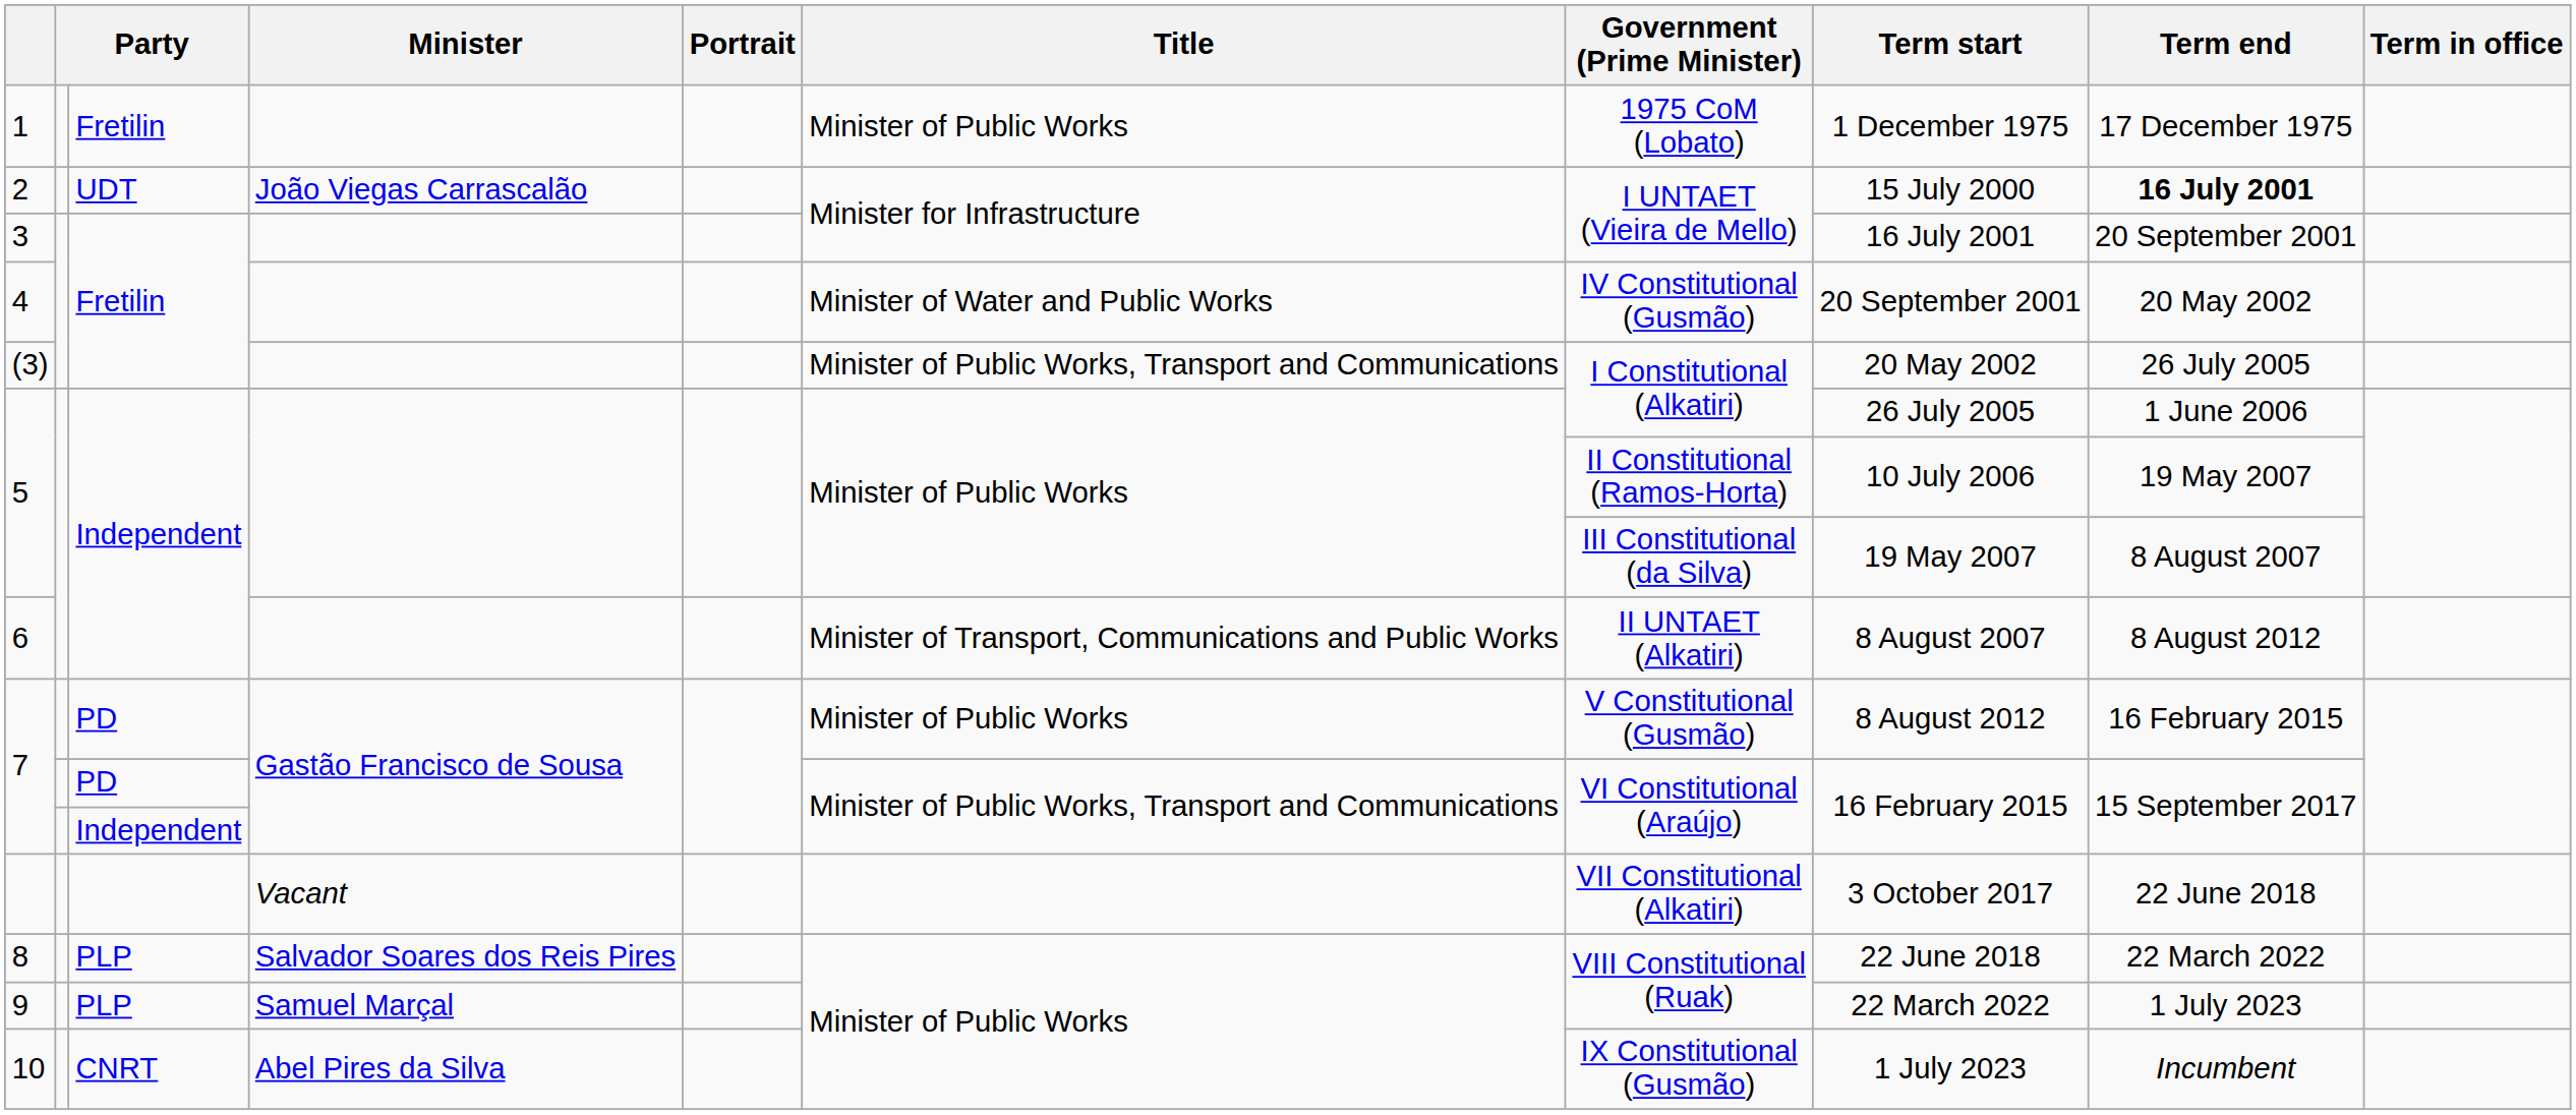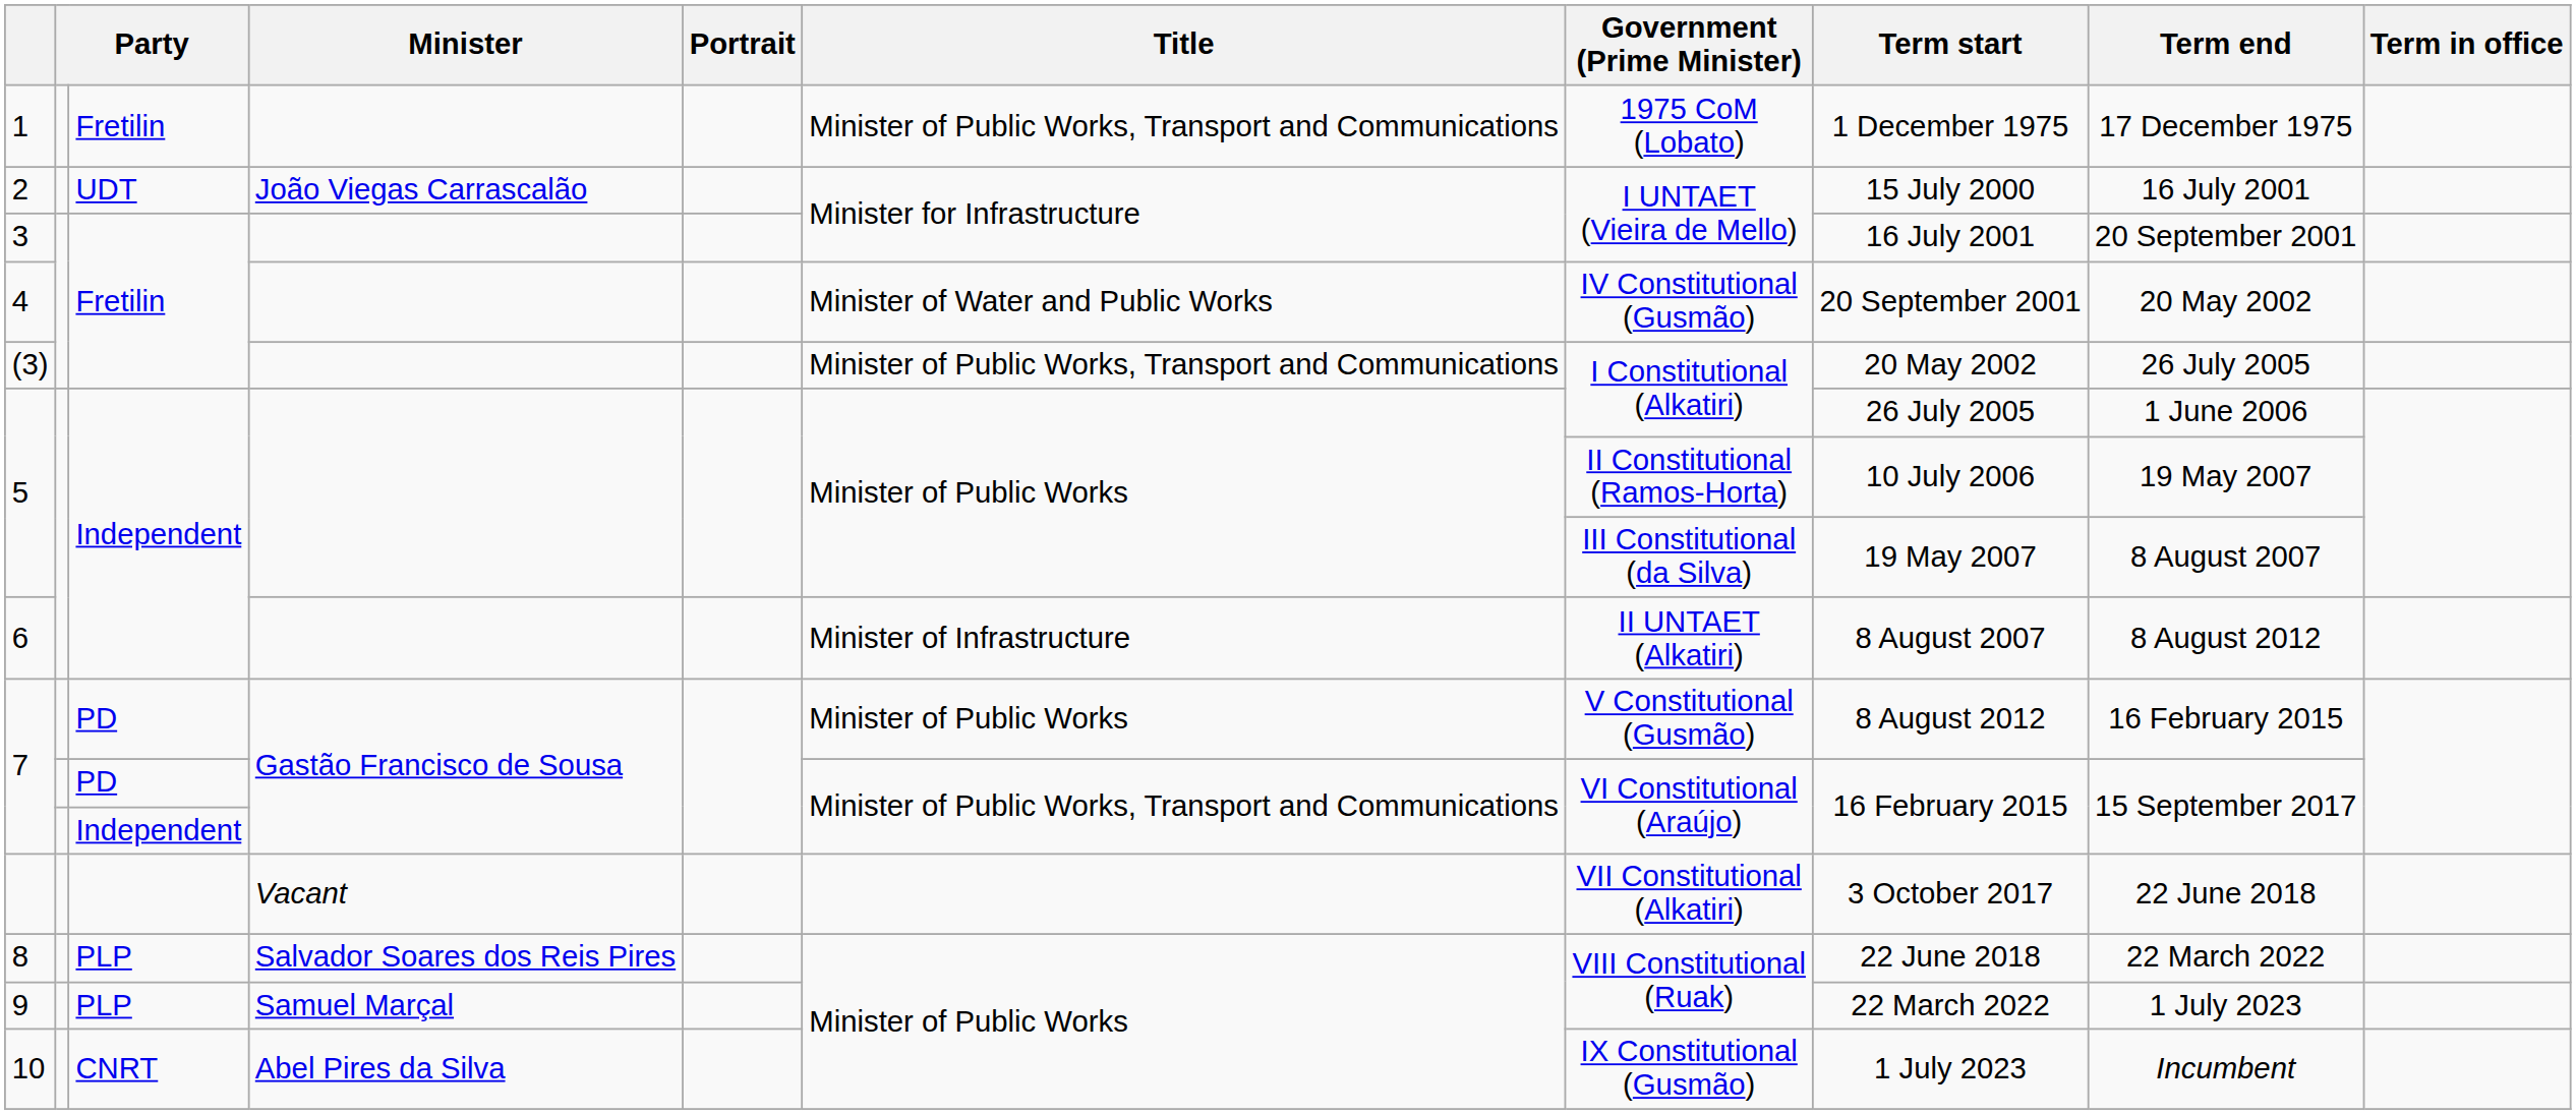 <table class="wikitable sortable">
 <tr>
 <th></th>
 <th colspan="2">Party</th>
 <th>Minister</th>
 <th>Portrait</th>
 <th>Title</th>
 <th>Government<br>(Prime Minister)</th>
 <th>Term start</th>
 <th>Term end</th>
 <th>Term in office</th>
 </tr>
 <tr>
 <td>1</td>
 <td style="background:"></td>
 <td><a href='#'>Fretilin</a></td>
 <td></td>
 <td></td>
-<td>Minister of Public Works</td>
+<td>Minister of Public Works, Transport and Communications</td>
 <td align=center><a href='#'>1975 CoM</a><br>(<a href='#'>Lobato</a>)</td>
 <td align=center>1 December 1975</td>
 <td align=center>17 December 1975</td>
 <td align=right></td>
 </tr>
 <tr>
 <td>2</td>
 <td style="background:"></td>
 <td><a href='#'>UDT</a></td>
 <td><a href='#'>João Viegas Carrascalão</a></td>
 <td></td>
 <td rowspan=2>Minister for Infrastructure</td>
 <td rowspan=2 align=center><a href='#'>I UNTAET</a><br>(<a href='#'>Vieira de Mello</a>)</td>
 <td align=center>15 July 2000</td>
-<td align=center><strong>16 July 2001</strong></td>
+<td align=center>16 July 2001</td>
 <td align=right></td>
 </tr>
 <tr>
 <td>3</td>
 <td rowspan=3 style="background:"></td>
 <td rowspan=3><a href='#'>Fretilin</a></td>
 <td></td>
 <td></td>
 <td align=center>16 July 2001</td>
 <td align=center>20 September 2001</td>
 <td align=right></td>
 </tr>
 <tr>
 <td>4</td>
 <td></td>
 <td></td>
 <td>Minister of Water and Public Works</td>
 <td align=center><a href='#'>IV Constitutional</a><br>(<a href='#'>Gusmão</a>)</td>
 <td align=center>20 September 2001</td>
 <td align=center>20 May 2002</td>
 <td align=right></td>
 </tr>
 <tr>
 <td>(3)</td>
 <td></td>
 <td></td>
 <td>Minister of Public Works, Transport and Communications</td>
 <td rowspan=2 align=center><a href='#'>I Constitutional</a><br>(<a href='#'>Alkatiri</a>)</td>
 <td align=center>20 May 2002</td>
 <td align=center>26 July 2005</td>
 <td align=right></td>
 </tr>
 <tr>
 <td rowspan=3>5</td>
 <td rowspan=4 style="background:"></td>
 <td rowspan=4><a href='#'>Independent</a></td>
 <td rowspan=3></td>
 <td rowspan=3></td>
 <td rowspan=3>Minister of Public Works</td>
 <td align=center>26 July 2005</td>
 <td align=center>1 June 2006</td>
 <td rowspan=3 align=right></td>
 </tr>
 <tr>
 <td align=center><a href='#'>II Constitutional</a><br>(<a href='#'>Ramos-Horta</a>)</td>
 <td align=center>10 July 2006</td>
 <td align=center>19 May 2007</td>
 </tr>
 <tr>
 <td align=center><a href='#'>III Constitutional</a><br>(<a href='#'>da Silva</a>)</td>
 <td align=center>19 May 2007</td>
 <td align=center>8 August 2007</td>
 </tr>
 <tr>
 <td>6</td>
 <td></td>
 <td></td>
-<td>Minister of Transport, Communications and Public Works</td>
+<td>Minister of Infrastructure</td>
 <td align=center><a href='#'>II UNTAET</a><br>(<a href='#'>Alkatiri</a>)</td>
 <td align=center>8 August 2007</td>
 <td align=center>8 August 2012</td>
 <td align=right></td>
 </tr>
 <tr>
 <td rowspan=3>7</td>
 <td style="background:"></td>
 <td><a href='#'>PD</a></td>
 <td rowspan=3><a href='#'>Gastão Francisco de Sousa</a></td>
 <td rowspan=3></td>
 <td>Minister of Public Works</td>
 <td align=center><a href='#'>V Constitutional</a><br>(<a href='#'>Gusmão</a>)</td>
 <td align=center>8 August 2012</td>
 <td align=center>16 February 2015</td>
 <td rowspan=3 align=right></td>
 </tr>
 <tr>
 <td style="background:"></td>
 <td><a href='#'>PD</a> </td>
 <td rowspan=2>Minister of Public Works, Transport and Communications</td>
 <td rowspan=2 align=center><a href='#'>VI Constitutional</a><br>(<a href='#'>Araújo</a>)</td>
 <td rowspan=2 align=center>16 February 2015</td>
 <td rowspan=2 align=center>15 September 2017</td>
 </tr>
 <tr>
 <td style="background:"></td>
 <td><a href='#'>Independent</a></td>
 </tr>
 <tr>
 <td></td>
 <td></td>
 <td></td>
 <td><em>Vacant</em></td>
 <td></td>
 <td></td>
 <td align=center><a href='#'>VII Constitutional</a><br>(<a href='#'>Alkatiri</a>)</td>
 <td align=center>3 October 2017</td>
 <td align=center>22 June 2018</td>
 <td align=right></td>
 </tr>
 <tr>
 <td>8</td>
 <td style="background:"></td>
 <td><a href='#'>PLP</a></td>
 <td><a href='#'>Salvador Soares dos Reis Pires</a></td>
 <td></td>
 <td rowspan=3>Minister of Public Works</td>
 <td rowspan=2 align=center><a href='#'>VIII Constitutional</a><br>(<a href='#'>Ruak</a>)</td>
 <td align=center>22 June 2018</td>
 <td align=center>22 March 2022</td>
 <td align=right></td>
 </tr>
 <tr>
 <td>9</td>
 <td style="background:"></td>
 <td><a href='#'>PLP</a></td>
 <td><a href='#'>Samuel Marçal</a></td>
 <td></td>
 <td align=center>22 March 2022</td>
 <td align=center>1 July 2023</td>
 <td align=right></td>
 </tr>
 <tr>
 <td>10</td>
 <td style="background:"></td>
 <td><a href='#'>CNRT</a></td>
 <td><a href='#'>Abel Pires da Silva</a></td>
 <td></td>
 <td align=center><a href='#'>IX Constitutional</a><br>(<a href='#'>Gusmão</a>)</td>
 <td align=center>1 July 2023</td>
 <td align=center><em>Incumbent</em></td>
 <td align=right></td>
 </tr>
 </table>
